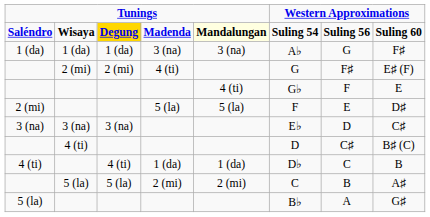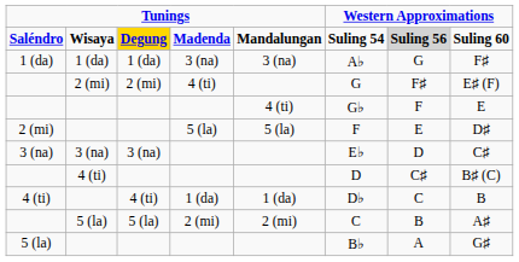 <table class="wikitable" style="text-align: center; margin: 1em">
 <tr>
 <td colspan="5"><strong><a href='#'>Tunings</a></strong></td>
 <td colspan="3"><strong><a href='#'>Western Approximations</a></strong></td>
 </tr>
 <tr>
 <td><strong><a href='#'>Saléndro</a></strong></td>
 <td><strong>Wisaya</strong></td>
 <td style="background: gold;"><strong><a href='#'>Degung</a></strong></td>
 <td><strong><a href='#'>Madenda</a></strong></td>
-<td style="background: lightyellow;"><strong>Mandalungan</strong></td>
+<td><strong>Mandalungan</strong></td>
 <td><strong>Suling 54</strong></td>
-<td><strong>Suling 56</strong></td>
+<td style="background: lightgrey;"><strong>Suling 56</strong></td>
 <td><strong>Suling 60</strong></td>
 </tr>
 <tr>
 <td>1 (da)</td>
 <td>1 (da)</td>
 <td>1 (da)</td>
 <td>3 (na)</td>
 <td>3 (na)</td>
 <td>A♭</td>
 <td>G</td>
 <td>F♯</td>
 </tr>
 <tr>
 <td></td>
 <td>2 (mi)</td>
 <td>2 (mi)</td>
 <td>4 (ti)</td>
 <td></td>
 <td>G</td>
 <td>F♯</td>
 <td>E♯ (F)</td>
 </tr>
 <tr>
 <td></td>
 <td></td>
 <td></td>
 <td></td>
 <td>4 (ti)</td>
 <td>G♭</td>
 <td>F</td>
 <td>E</td>
 </tr>
 <tr>
 <td>2 (mi)</td>
 <td></td>
 <td></td>
 <td>5 (la)</td>
 <td>5 (la)</td>
 <td>F</td>
 <td>E</td>
 <td>D♯</td>
 </tr>
 <tr>
 <td>3 (na)</td>
 <td>3 (na)</td>
 <td>3 (na)</td>
 <td></td>
 <td></td>
 <td>E♭</td>
 <td>D</td>
 <td>C♯</td>
 </tr>
 <tr>
 <td></td>
 <td>4 (ti)</td>
 <td></td>
 <td></td>
 <td></td>
 <td>D</td>
 <td>C♯</td>
 <td>B♯ (C)</td>
 </tr>
 <tr>
 <td>4 (ti)</td>
 <td></td>
 <td>4 (ti)</td>
 <td>1 (da)</td>
 <td>1 (da)</td>
 <td>D♭</td>
 <td>C</td>
 <td>B</td>
 </tr>
 <tr>
 <td></td>
 <td>5 (la)</td>
 <td>5 (la)</td>
 <td>2 (mi)</td>
 <td>2 (mi)</td>
 <td>C</td>
 <td>B</td>
 <td>A♯</td>
 </tr>
 <tr>
 <td>5 (la)</td>
 <td></td>
 <td></td>
 <td></td>
 <td></td>
 <td>B♭</td>
 <td>A</td>
 <td>G♯</td>
 </tr>
 </table>
